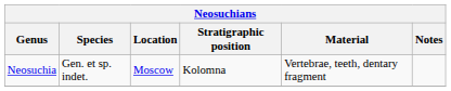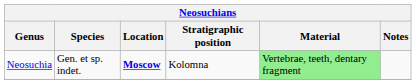 <table class="wikitable">
 <tr>
 <th colspan="7" align="center"><strong><a href='#'>Neosuchians</a></strong></th>
 </tr>
 <tr>
 <th>Genus</th>
 <th>Species</th>
 <th>Location</th>
 <th>Stratigraphic position</th>
 <th>Material</th>
 <th>Notes</th>
 </tr>
 <tr>
 <td><a href='#'>Neosuchia</a></td>
 <td>Gen. et sp. indet.</td>
-<td><a href='#'>Moscow</a></td>
+<td><strong><a href='#'>Moscow</a></strong></td>
 <td>Kolomna</td>
-<td>Vertebrae, teeth, dentary fragment</td>
+<td style="background: lightgreen;">Vertebrae, teeth, dentary fragment</td>
 <td align=center></td>
 </tr>
 <tr>
 </tr>
 </table>
